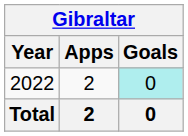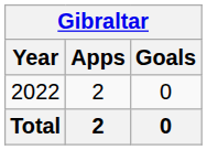 <table class="wikitable" style="text-align:center">
 <tr>
 <th colspan=3><a href='#'>Gibraltar</a></th>
 </tr>
 <tr>
 <th>Year</th>
 <th>Apps</th>
 <th>Goals</th>
 </tr>
 <tr>
 <td>2022</td>
 <td>2</td>
-<td style="background: paleturquoise;">0</td>
+<td>0</td>
 </tr>
 <tr>
 <th>Total</th>
 <th>2</th>
 <th>0</th>
 </tr>
 </table>
